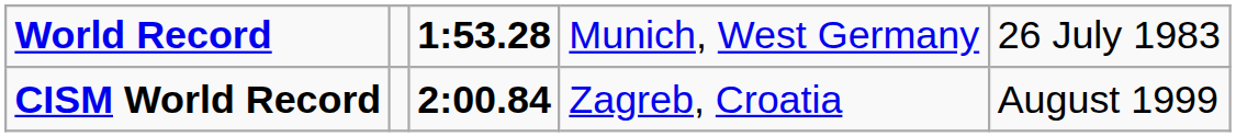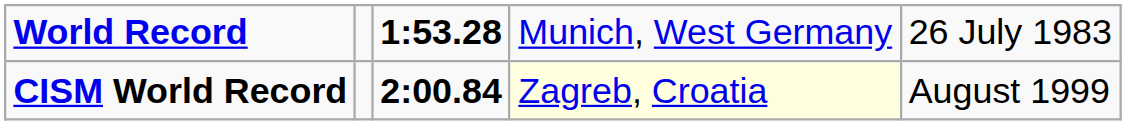 <table class="wikitable">
 <tr>
 <td><strong><a href='#'>World Record</a></strong></td>
 <td></td>
 <td><strong>1:53.28</strong></td>
 <td><a href='#'>Munich</a>, <a href='#'>West Germany</a></td>
 <td>26 July 1983</td>
 </tr>
 <tr>
 <td><strong><a href='#'>CISM</a> World Record</strong></td>
 <td></td>
 <td><strong>2:00.84</strong></td>
-<td><a href='#'>Zagreb</a>, <a href='#'>Croatia</a></td>
+<td style="background: lightyellow;"><a href='#'>Zagreb</a>, <a href='#'>Croatia</a></td>
 <td>August 1999</td>
 </tr>
 </table>
